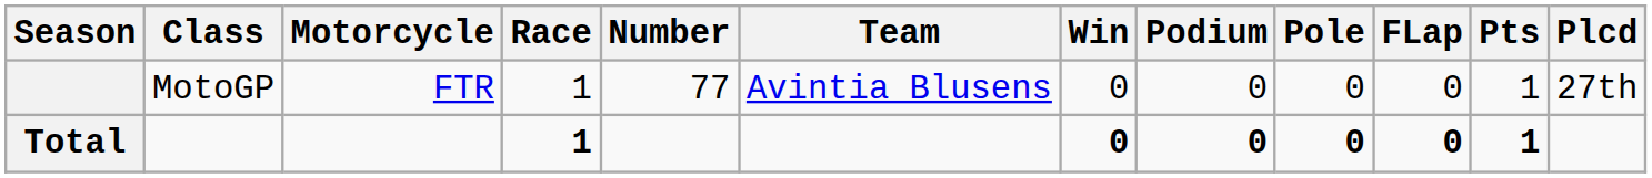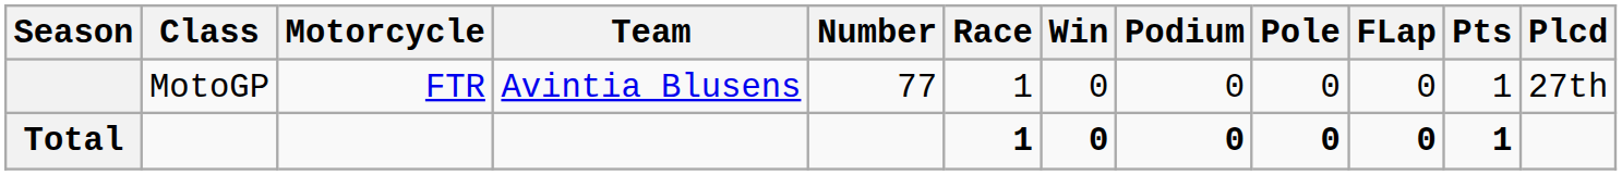 <table class="wikitable">
 <tr>
 <th>Season</th>
 <th>Class</th>
 <th>Motorcycle</th>
+<th>Team</th>
+<th>Number</th>
 <th>Race</th>
-<th>Number</th>
-<th>Team</th>
 <th>Win</th>
 <th>Podium</th>
 <th>Pole</th>
 <th>FLap</th>
 <th>Pts</th>
 <th>Plcd</th>
 </tr>
 <tr align="right">
 <th></th>
 <td>MotoGP</td>
 <td><a href='#'>FTR</a></td>
+<td><a href='#'>Avintia Blusens</a></td>
+<td>77</td>
 <td>1</td>
-<td>77</td>
-<td><a href='#'>Avintia Blusens</a></td>
 <td>0</td>
 <td>0</td>
 <td>0</td>
 <td>0</td>
 <td>1</td>
 <td>27th</td>
 </tr>
 <tr align="right">
 <th>Total</th>
 <td></td>
 <td></td>
-<td><strong>1</strong></td>
 <td></td>
 <td></td>
+<td><strong>1</strong></td>
 <td><strong>0</strong></td>
 <td><strong>0</strong></td>
 <td><strong>0</strong></td>
 <td><strong>0</strong></td>
 <td><strong>1</strong></td>
 <td></td>
 </tr>
 </table>
